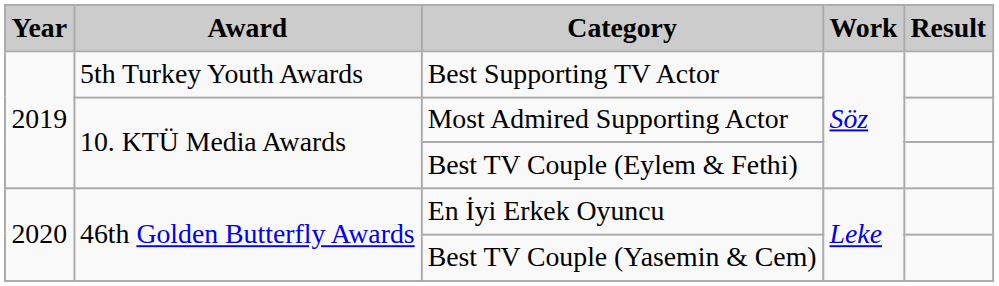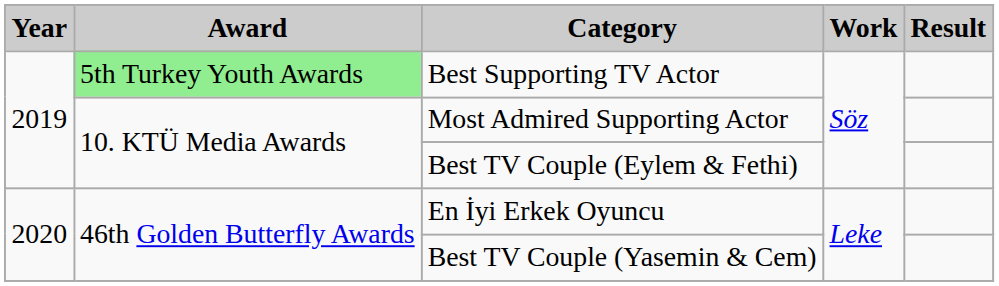 <table class="wikitable" style="font-size:90%">
 <tr align="center" bgcolor="#cccccc">
 <td><strong>Year</strong></td>
 <td><strong>Award</strong></td>
 <td><strong>Category</strong></td>
 <td><strong>Work</strong></td>
 <td><strong>Result</strong></td>
 </tr>
 <tr>
 <td rowspan="3">2019</td>
-<td>5th Turkey Youth Awards</td>
+<td style="background: lightgreen;">5th Turkey Youth Awards</td>
 <td>Best Supporting TV Actor</td>
 <td rowspan="3"><a href='#'><em>Söz</em></a></td>
 <td></td>
 </tr>
 <tr>
 <td rowspan="2">10. KTÜ Media Awards</td>
 <td>Most Admired Supporting Actor</td>
 <td></td>
 </tr>
 <tr>
 <td>Best TV Couple (Eylem & Fethi)</td>
 <td></td>
 </tr>
 <tr>
 <td rowspan="2">2020</td>
 <td rowspan="2">46th <a href='#'>Golden Butterfly Awards</a></td>
 <td>En İyi Erkek Oyuncu</td>
 <td rowspan="2"><em><a href='#'>Leke</a></em></td>
 <td></td>
 </tr>
 <tr>
 <td>Best TV Couple (Yasemin & Cem)</td>
 <td></td>
 </tr>
 </table>
